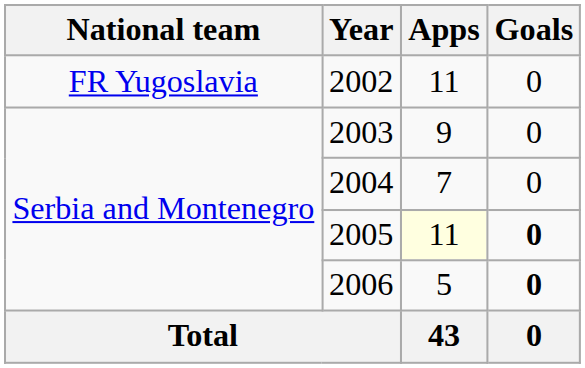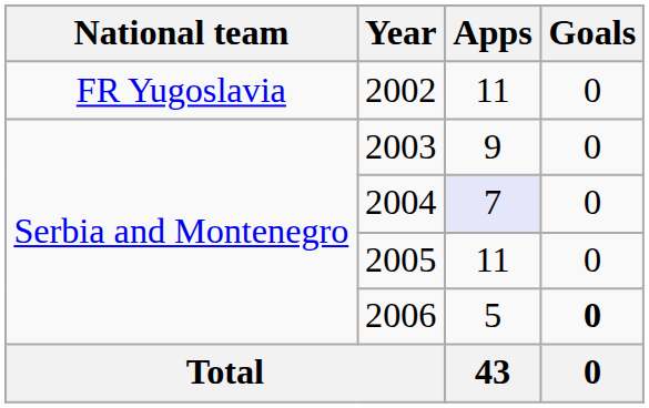 <table class="wikitable" style="text-align:center">
 <tr>
 <th>National team</th>
 <th>Year</th>
 <th>Apps</th>
 <th>Goals</th>
 </tr>
 <tr>
 <td rowspan="1" style="vertical-align:center"><a href='#'>FR Yugoslavia</a></td>
 <td>2002</td>
 <td>11</td>
 <td>0</td>
 </tr>
 <tr>
 <td rowspan="4" style="vertical-align:center"><a href='#'>Serbia and Montenegro</a></td>
 <td>2003</td>
 <td>9</td>
 <td>0</td>
 </tr>
 <tr>
 <td>2004</td>
-<td>7</td>
+<td style="background: lavender;">7</td>
 <td>0</td>
 </tr>
 <tr>
 <td>2005</td>
-<td style="background: lightyellow;">11</td>
-<td><strong>0</strong></td>
+<td>11</td>
+<td>0</td>
 </tr>
 <tr>
 <td>2006</td>
 <td>5</td>
 <td><strong>0</strong></td>
 </tr>
 <tr>
 <th colspan="2">Total</th>
 <th>43</th>
 <th>0</th>
 </tr>
 </table>
